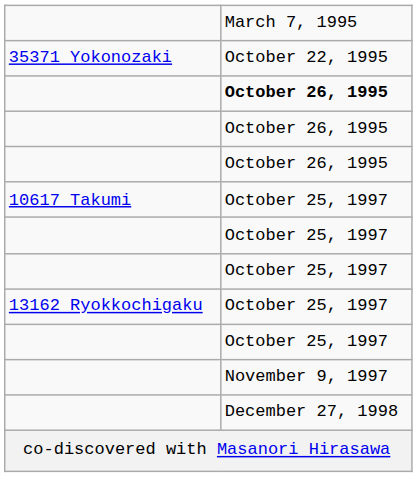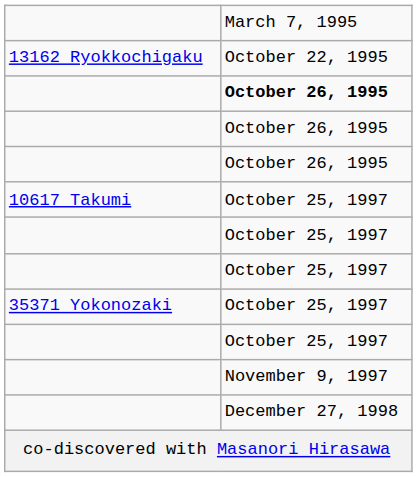 <table class="wikitable" style="font-size: 89%; float: left; width: 24em; margin-right: 1em; line-height: 1.6em !important;">
 <tr>
 <td> </td>
 <td>March 7, 1995</td>
 </tr>
 <tr>
-<td><a href='#'>35371 Yokonozaki</a> </td>
+<td><a href='#'>13162 Ryokkochigaku</a> </td>
 <td>October 22, 1995</td>
 </tr>
 <tr>
 <td> </td>
 <td><strong>October 26, 1995</strong></td>
 </tr>
 <tr>
 <td> </td>
 <td>October 26, 1995</td>
 </tr>
 <tr>
 <td> </td>
 <td>October 26, 1995</td>
 </tr>
 <tr>
 <td><a href='#'>10617 Takumi</a> </td>
 <td>October 25, 1997</td>
 </tr>
 <tr>
 <td> </td>
 <td>October 25, 1997</td>
 </tr>
 <tr>
 <td> </td>
 <td>October 25, 1997</td>
 </tr>
 <tr>
-<td><a href='#'>13162 Ryokkochigaku</a> </td>
+<td><a href='#'>35371 Yokonozaki</a> </td>
 <td>October 25, 1997</td>
 </tr>
 <tr>
 <td> </td>
 <td>October 25, 1997</td>
 </tr>
 <tr>
 <td> </td>
 <td>November 9, 1997</td>
 </tr>
 <tr>
 <td> </td>
 <td>December 27, 1998</td>
 </tr>
 <tr>
 <th colspan=2 style="font-weight: normal; text-align: left; padding: 4px 12px;"> co-discovered with <a href='#'>Masanori Hirasawa</a></th>
 </tr>
 </table>
